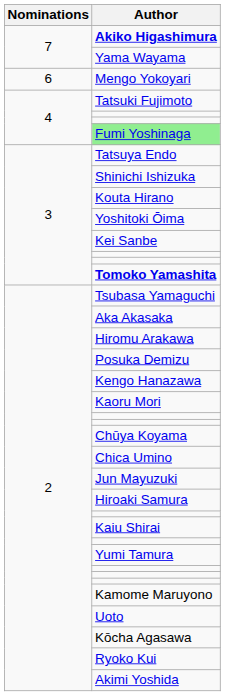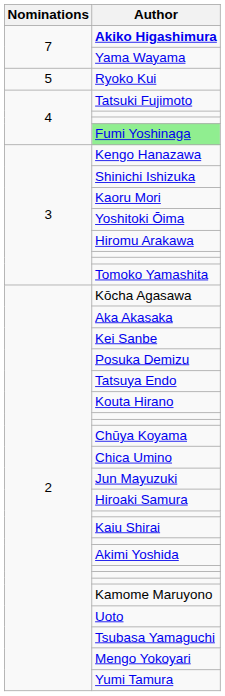 <table class="wikitable">
 <tr>
 <th scope="col" width="55" style="text-align: center;">Nominations</th>
 <th scope="col">Author</th>
 </tr>
 <tr>
 <td style="text-align: center;"  rowspan=2>7</td>
 <td><strong><a href='#'>Akiko Higashimura</a>  </strong></td>
 </tr>
 <tr>
 <td><a href='#'>Yama Wayama</a></td>
 </tr>
 <tr>
-<td style="text-align: center;">6</td>
-<td><a href='#'>Mengo Yokoyari</a></td>
+<td style="text-align: center;">5</td>
+<td><a href='#'>Ryoko Kui</a></td>
 </tr>
 <tr>
 <td style="text-align: center;" rowspan=4>4</td>
 <td><a href='#'>Tatsuki Fujimoto</a></td>
 </tr>
 <tr>
 <td></td>
 </tr>
 <tr>
 <td></td>
 </tr>
 <tr>
 <td style="background: lightgreen;"><a href='#'>Fumi Yoshinaga</a></td>
 </tr>
 <tr>
 <td style="text-align: center;" rowspan=8>3</td>
-<td><a href='#'>Tatsuya Endo</a></td>
+<td><a href='#'>Kengo Hanazawa</a></td>
 </tr>
 <tr>
 <td><a href='#'>Shinichi Ishizuka</a> </td>
 </tr>
 <tr>
-<td><a href='#'>Kouta Hirano</a></td>
+<td><a href='#'>Kaoru Mori</a> </td>
 </tr>
 <tr>
 <td><a href='#'>Yoshitoki Ōima</a></td>
 </tr>
 <tr>
-<td><a href='#'>Kei Sanbe</a></td>
+<td><a href='#'>Hiromu Arakawa</a></td>
 </tr>
 <tr>
 <td></td>
 </tr>
 <tr>
 <td></td>
 </tr>
 <tr>
-<td><strong><a href='#'>Tomoko Yamashita</a></strong></td>
+<td><a href='#'>Tomoko Yamashita</a></td>
 </tr>
 <tr>
 <td style="text-align: center;" rowspan=24>2</td>
-<td><a href='#'>Tsubasa Yamaguchi</a> </td>
+<td>Kōcha Agasawa</td>
 </tr>
 <tr>
 <td><a href='#'>Aka Akasaka</a></td>
 </tr>
 <tr>
-<td><a href='#'>Hiromu Arakawa</a></td>
+<td><a href='#'>Kei Sanbe</a></td>
 </tr>
 <tr>
 <td><a href='#'>Posuka Demizu</a></td>
 </tr>
 <tr>
-<td><a href='#'>Kengo Hanazawa</a></td>
+<td><a href='#'>Tatsuya Endo</a></td>
 </tr>
 <tr>
-<td><a href='#'>Kaoru Mori</a> </td>
+<td><a href='#'>Kouta Hirano</a></td>
 </tr>
 <tr>
 <td></td>
 </tr>
 <tr>
 <td></td>
 </tr>
 <tr>
 <td><a href='#'>Chūya Koyama</a></td>
 </tr>
 <tr>
 <td><a href='#'>Chica Umino</a> </td>
 </tr>
 <tr>
 <td><a href='#'>Jun Mayuzuki</a></td>
 </tr>
 <tr>
 <td><a href='#'>Hiroaki Samura</a></td>
 </tr>
 <tr>
 <td></td>
 </tr>
 <tr>
 <td><a href='#'>Kaiu Shirai</a></td>
 </tr>
 <tr>
 <td></td>
 </tr>
 <tr>
-<td><a href='#'>Yumi Tamura</a></td>
+<td><a href='#'>Akimi Yoshida</a> </td>
 </tr>
 <tr>
 <td></td>
 </tr>
 <tr>
 <td></td>
 </tr>
 <tr>
 <td></td>
 </tr>
 <tr>
 <td>Kamome Maruyono</td>
 </tr>
 <tr>
 <td><a href='#'>Uoto</a></td>
 </tr>
 <tr>
-<td>Kōcha Agasawa</td>
+<td><a href='#'>Tsubasa Yamaguchi</a> </td>
 </tr>
 <tr>
-<td><a href='#'>Ryoko Kui</a></td>
+<td><a href='#'>Mengo Yokoyari</a></td>
 </tr>
 <tr>
-<td><a href='#'>Akimi Yoshida</a> </td>
+<td><a href='#'>Yumi Tamura</a></td>
 </tr>
 </table>
